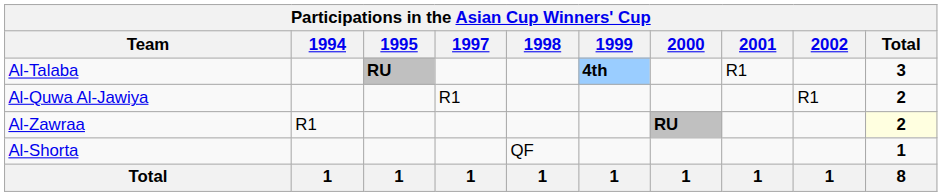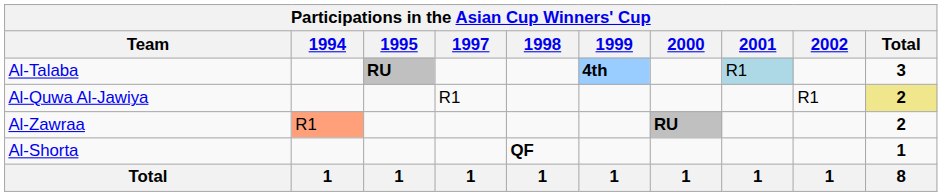 <table class="wikitable" style="text-align:">
 <tr>
 <th colspan=16>Participations in the <a href='#'>Asian Cup Winners' Cup</a></th>
 </tr>
 <tr>
 <th width=20%>Team</th>
 <th width=5%><a href='#'>1994</a></th>
 <th width=5%><a href='#'>1995</a></th>
 <th width=5%><a href='#'>1997</a></th>
 <th width=5%><a href='#'>1998</a></th>
 <th width=5%><a href='#'>1999</a></th>
 <th width=5%><a href='#'>2000</a></th>
 <th width=5%><a href='#'>2001</a></th>
 <th width=5%><a href='#'>2002</a></th>
 <th width=5%>Total</th>
 </tr>
 <tr>
 <td> <a href='#'>Al-Talaba</a></td>
 <td></td>
 <td bgcolor=silver><strong>RU</strong></td>
 <td></td>
 <td></td>
 <td bgcolor=#9acdff><strong>4th</strong></td>
 <td></td>
-<td>R1</td>
+<td style="background: lightblue;">R1</td>
 <td></td>
 <td style="text-align:center"><strong>3</strong></td>
 </tr>
 <tr>
 <td> <a href='#'>Al-Quwa Al-Jawiya</a></td>
 <td></td>
 <td></td>
 <td>R1</td>
 <td></td>
 <td></td>
 <td></td>
 <td></td>
 <td>R1</td>
-<td style="text-align:center"><strong>2</strong></td>
+<td style="background: khaki; text-align:center"><strong>2</strong></td>
 </tr>
 <tr>
 <td> <a href='#'>Al-Zawraa</a></td>
-<td>R1</td>
+<td style="background: lightsalmon;">R1</td>
 <td></td>
 <td></td>
 <td></td>
 <td></td>
 <td bgcolor=silver><strong>RU</strong></td>
 <td></td>
 <td></td>
-<td style="background: lightyellow; text-align:center"><strong>2</strong></td>
+<td style="text-align:center"><strong>2</strong></td>
 </tr>
 <tr>
 <td> <a href='#'>Al-Shorta</a></td>
 <td></td>
 <td></td>
 <td></td>
-<td>QF</td>
+<td><strong>QF</strong></td>
 <td></td>
 <td></td>
 <td></td>
 <td></td>
 <td style="text-align:center"><strong>1</strong></td>
 </tr>
 <tr>
 <th><strong>Total</strong></th>
 <th><strong>1</strong></th>
 <th><strong>1</strong></th>
 <th><strong>1</strong></th>
 <th><strong>1</strong></th>
 <th><strong>1</strong></th>
 <th><strong>1</strong></th>
 <th><strong>1</strong></th>
 <th><strong>1</strong></th>
 <th><strong>8</strong></th>
 </tr>
 </table>
